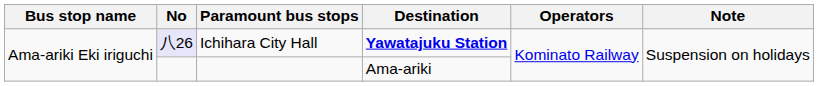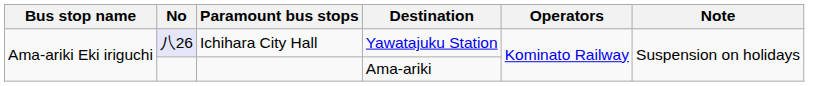 <table class="wikitable">
 <tr>
 <th>Bus stop name</th>
 <th>No</th>
 <th>Paramount bus stops</th>
 <th>Destination</th>
 <th>Operators</th>
 <th>Note</th>
 </tr>
 <tr>
 <td rowspan="2">Ama-ariki Eki iriguchi</td>
 <td style="background: lavender;">八26</td>
 <td>Ichihara City Hall</td>
-<td><strong><a href='#'>Yawatajuku Station</a></strong></td>
+<td><a href='#'>Yawatajuku Station</a></td>
 <td rowspan="2"><a href='#'>Kominato Railway</a></td>
 <td rowspan="2">Suspension on holidays</td>
 </tr>
 <tr>
 <td></td>
 <td></td>
 <td>Ama-ariki</td>
 </tr>
 </table>
